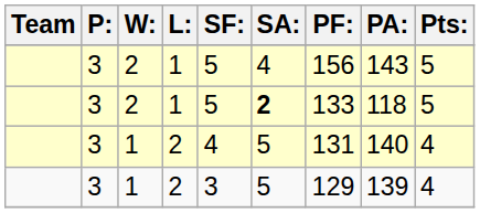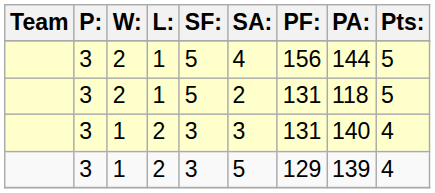 <table class="wikitable">
 <tr>
 <th>Team</th>
 <th>P:</th>
 <th>W:</th>
 <th>L:</th>
 <th>SF:</th>
 <th>SA:</th>
 <th>PF:</th>
 <th>PA:</th>
 <th>Pts:</th>
 </tr>
 <tr valign="top">
 </tr>
 <tr bgcolor="#ffffcc">
 <td></td>
 <td>3</td>
 <td>2</td>
 <td>1</td>
 <td>5</td>
 <td>4</td>
 <td>156</td>
-<td>143</td>
+<td>144</td>
 <td>5</td>
 </tr>
 <tr bgcolor="#ffffcc">
 <td></td>
 <td>3</td>
 <td>2</td>
 <td>1</td>
 <td>5</td>
-<td><strong>2</strong></td>
-<td>133</td>
+<td>2</td>
+<td>131</td>
 <td>118</td>
 <td>5</td>
 </tr>
 <tr bgcolor="#ffffcc">
 <td></td>
 <td>3</td>
 <td>1</td>
 <td>2</td>
-<td>4</td>
-<td>5</td>
+<td>3</td>
+<td>3</td>
 <td>131</td>
 <td>140</td>
 <td>4</td>
 </tr>
 <tr>
 <td></td>
 <td>3</td>
 <td>1</td>
 <td>2</td>
 <td>3</td>
 <td>5</td>
 <td>129</td>
 <td>139</td>
 <td>4</td>
 </tr>
 <tr>
 </tr>
 </table>
